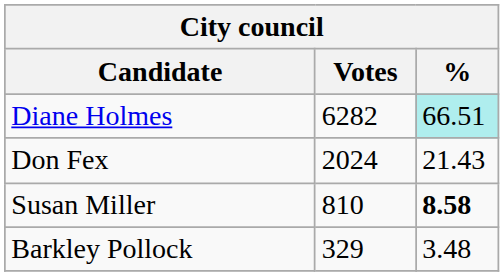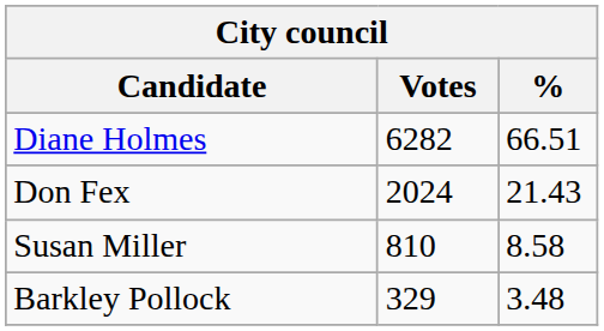 <table class="wikitable">
 <tr>
 <th colspan="3">City council</th>
 </tr>
 <tr>
 <th style="width: 170px">Candidate</th>
 <th style="width: 50px">Votes</th>
 <th style="width: 40px">%</th>
 </tr>
 <tr>
 <td><a href='#'>Diane Holmes</a></td>
 <td>6282</td>
-<td style="background: paleturquoise;">66.51</td>
+<td>66.51</td>
 </tr>
 <tr>
 <td>Don Fex</td>
 <td>2024</td>
 <td>21.43</td>
 </tr>
 <tr>
 <td>Susan Miller</td>
 <td>810</td>
-<td><strong>8.58</strong></td>
+<td>8.58</td>
 </tr>
 <tr>
 <td>Barkley Pollock</td>
 <td>329</td>
 <td>3.48</td>
 </tr>
 </table>
